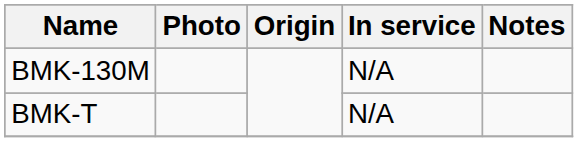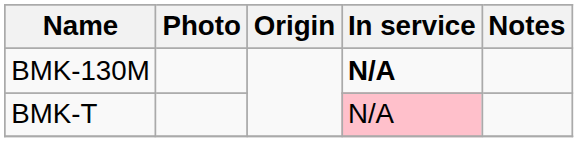 <table class="wikitable">
 <tr>
 <th>Name</th>
 <th>Photo</th>
 <th>Origin</th>
 <th>In service</th>
 <th>Notes</th>
 </tr>
 <tr>
 <td>BMK-130M</td>
 <td></td>
 <td rowspan="2"></td>
-<td>N/A</td>
+<td><strong>N/A</strong></td>
 <td></td>
 </tr>
 <tr>
 <td>BMK-T</td>
 <td></td>
-<td>N/A</td>
+<td style="background: pink;">N/A</td>
 <td></td>
 </tr>
 <tr>
 </tr>
 </table>
